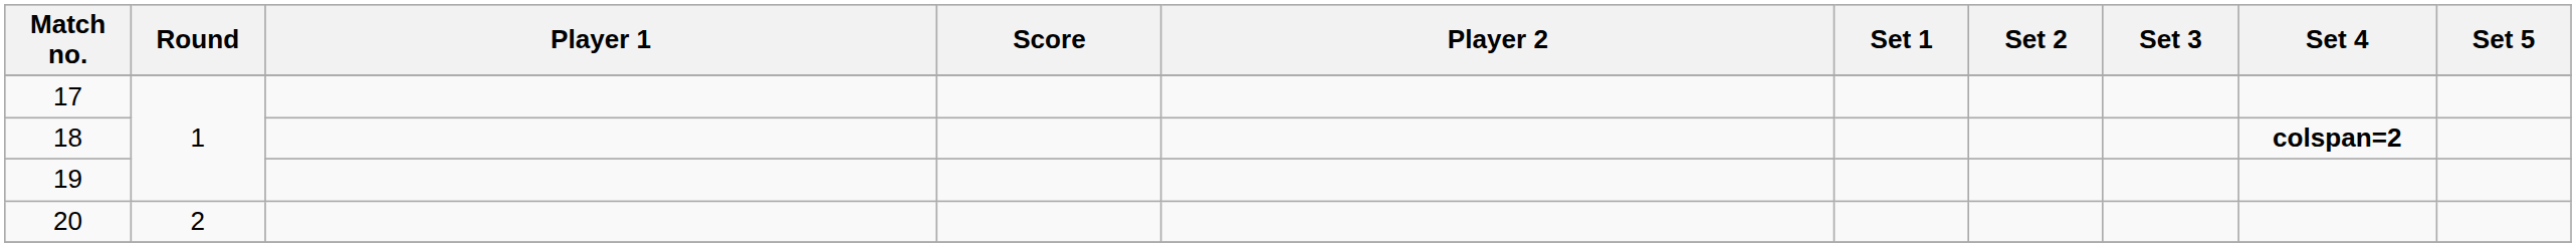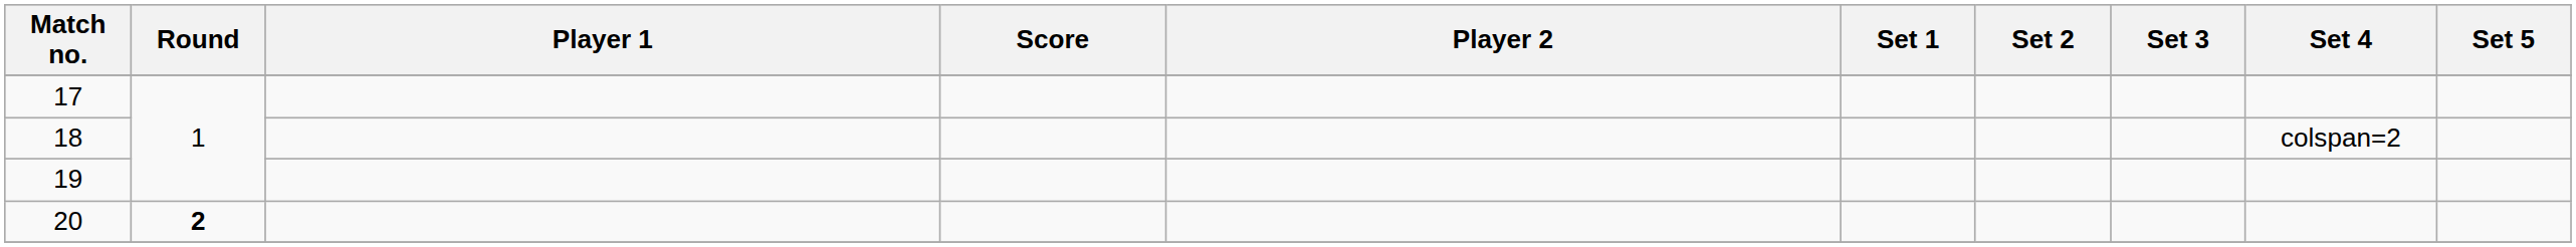 <table class="wikitable" style="text-align: center;">
 <tr>
 <th width="2%">Match no.</th>
 <th width="2%">Round</th>
 <th width="15%">Player 1</th>
 <th width="5%">Score</th>
 <th width="15%">Player 2</th>
 <th width="3%">Set 1</th>
 <th width="3%">Set 2</th>
 <th width="3%">Set 3</th>
 <th width="3%">Set 4</th>
 <th width="3%">Set 5</th>
 </tr>
 <tr>
 </tr>
 <tr style=text-align:center;>
 <td>17</td>
 <td rowspan=3>1</td>
 <td></td>
 <td></td>
 <td></td>
 <td></td>
 <td></td>
 <td></td>
 <td></td>
 <td></td>
 </tr>
 <tr style=text-align:center;>
 <td>18</td>
 <td></td>
 <td></td>
 <td></td>
 <td></td>
 <td></td>
 <td></td>
-<td><strong>colspan=2</strong></td>
+<td>colspan=2</td>
 </tr>
 <tr style=text-align:center;>
 <td>19</td>
 <td></td>
 <td></td>
 <td></td>
 <td></td>
 <td></td>
 <td></td>
 <td></td>
 <td></td>
 </tr>
 <tr style=text-align:center;>
 <td>20</td>
-<td>2</td>
+<td><strong>2</strong></td>
 <td></td>
 <td></td>
 <td></td>
 <td></td>
 <td></td>
 <td></td>
 <td></td>
 <td></td>
 </tr>
 <tr>
 </tr>
 </table>
